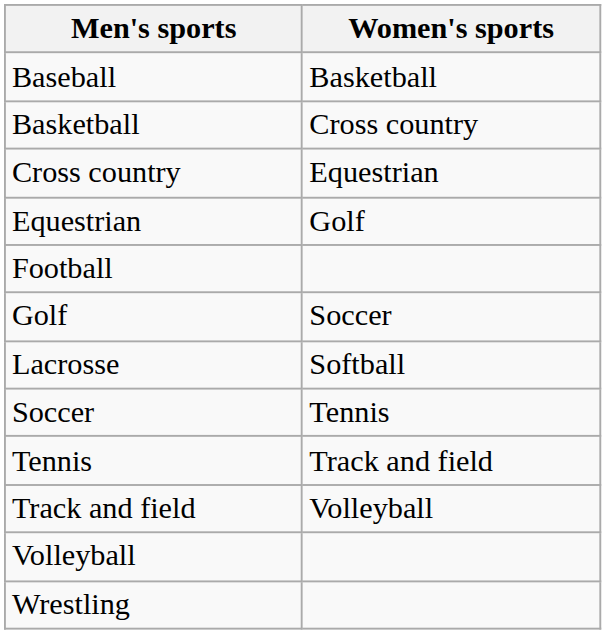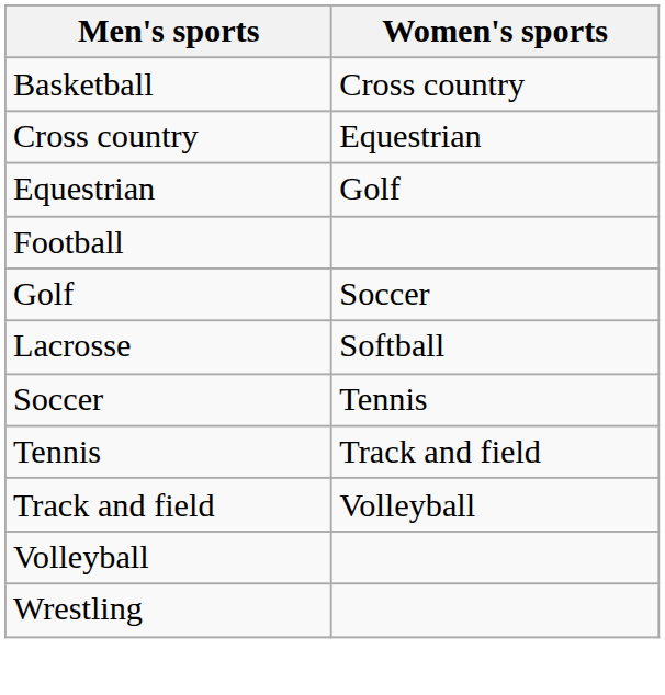 <table class="wikitable"; style=" ">
 <tr>
 <th width=150px>Men's sports</th>
 <th width=150px>Women's sports</th>
-</tr>
-<tr>
-<td>Baseball</td>
-<td>Basketball</td>
 </tr>
 <tr>
 <td>Basketball</td>
 <td>Cross country</td>
 </tr>
 <tr>
 <td>Cross country</td>
 <td>Equestrian</td>
 </tr>
 <tr>
 <td>Equestrian</td>
 <td>Golf</td>
 </tr>
 <tr>
 <td>Football</td>
 <td></td>
 </tr>
 <tr>
 <td>Golf</td>
 <td>Soccer</td>
 </tr>
 <tr>
 <td>Lacrosse</td>
 <td>Softball</td>
 </tr>
 <tr>
 <td>Soccer</td>
 <td>Tennis</td>
 </tr>
 <tr>
 <td>Tennis</td>
 <td>Track and field</td>
 </tr>
 <tr>
 <td>Track and field</td>
 <td>Volleyball</td>
 </tr>
 <tr>
 <td>Volleyball</td>
 <td></td>
 </tr>
 <tr>
 <td>Wrestling</td>
 <td></td>
 </tr>
 </table>
